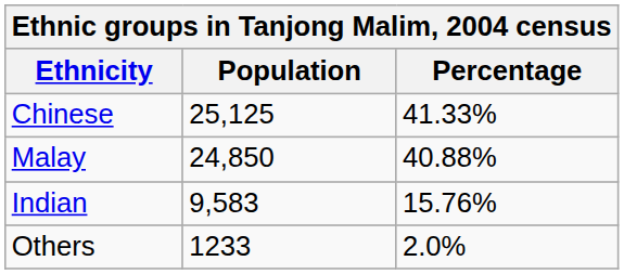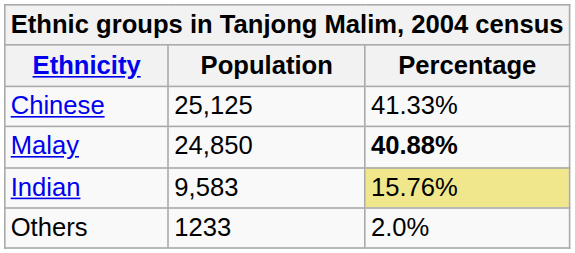 <table class="wikitable">
 <tr>
 <th align=center colspan=3>Ethnic groups in Tanjong Malim, 2004 census  </th>
 </tr>
 <tr>
 <th><a href='#'>Ethnicity</a></th>
 <th>Population</th>
 <th>Percentage</th>
 </tr>
 <tr>
 <td><a href='#'>Chinese</a></td>
 <td>25,125</td>
 <td>41.33%</td>
 </tr>
 <tr>
 <td><a href='#'>Malay</a></td>
 <td>24,850</td>
-<td>40.88%</td>
+<td><strong>40.88%</strong></td>
 </tr>
 <tr>
 <td><a href='#'>Indian</a></td>
 <td>9,583</td>
-<td>15.76%</td>
+<td style="background: khaki;">15.76%</td>
 </tr>
 <tr>
 <td>Others</td>
 <td>1233</td>
 <td>2.0%</td>
 </tr>
 </table>
